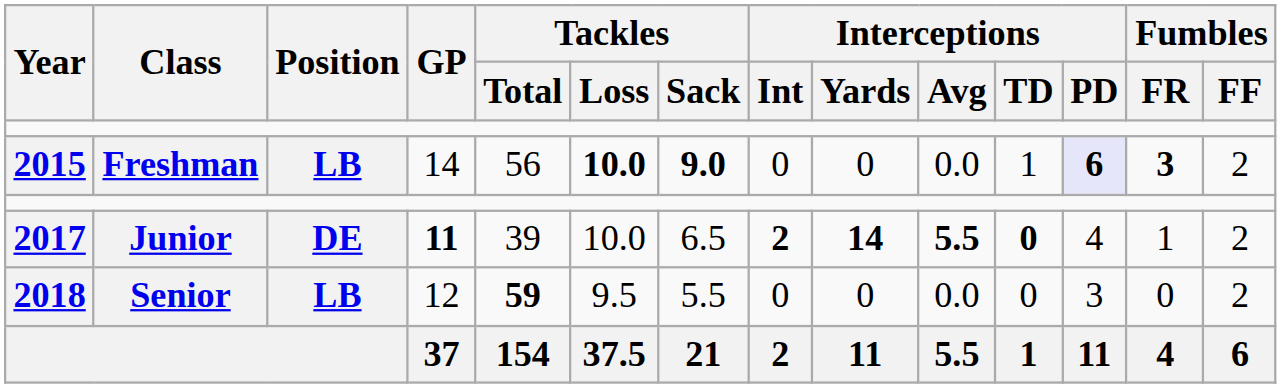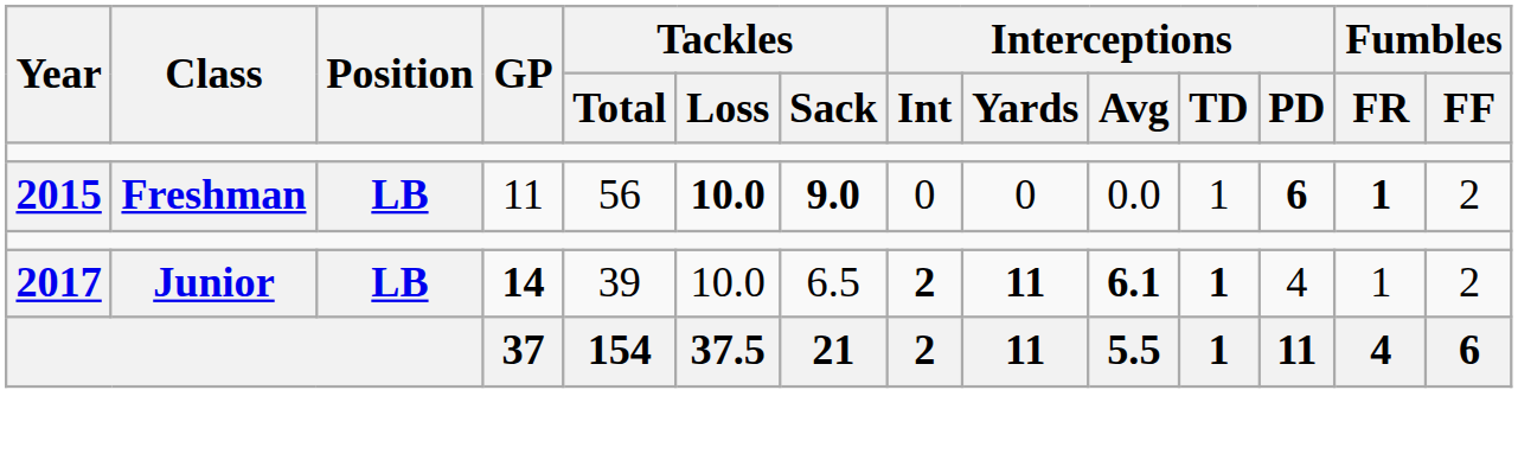 <table class="wikitable" style="text-align:center;">
 <tr align="center">
 <th rowspan="2">Year</th>
 <th rowspan="2">Class</th>
 <th rowspan="2">Position</th>
 <th rowspan="2">GP</th>
 <th colspan="3">Tackles</th>
 <th colspan="5">Interceptions</th>
 <th colspan="2">Fumbles</th>
 </tr>
 <tr>
 <th>Total</th>
 <th>Loss</th>
 <th>Sack</th>
 <th>Int</th>
 <th>Yards</th>
 <th>Avg</th>
 <th>TD</th>
 <th>PD</th>
 <th>FR</th>
 <th>FF</th>
 </tr>
 <tr>
 <td ! colspan="14"></td>
 </tr>
 <tr>
 <th><a href='#'>2015</a></th>
 <th><a href='#'>Freshman</a></th>
 <th><a href='#'>LB</a></th>
-<td>14</td>
+<td>11</td>
 <td>56</td>
 <td><strong>10.0</strong></td>
 <td><strong>9.0</strong></td>
 <td>0</td>
 <td>0</td>
 <td>0.0</td>
 <td>1</td>
-<td style="background: lavender;"><strong>6</strong></td>
-<td><strong>3</strong></td>
+<td><strong>6</strong></td>
+<td><strong>1</strong></td>
 <td>2</td>
 </tr>
 <tr>
 <td ! colspan="14"></td>
 </tr>
 <tr>
 <th><a href='#'>2017</a></th>
 <th><a href='#'>Junior</a></th>
-<th><a href='#'>DE</a></th>
-<td><strong>11</strong></td>
+<th><a href='#'>LB</a></th>
+<td><strong>14</strong></td>
 <td>39</td>
 <td>10.0</td>
 <td>6.5</td>
 <td><strong>2</strong></td>
-<td><strong>14</strong></td>
-<td><strong>5.5</strong></td>
-<td><strong>0</strong></td>
+<td><strong>11</strong></td>
+<td><strong>6.1</strong></td>
+<td><strong>1</strong></td>
 <td>4</td>
 <td>1</td>
-<td>2</td>
-</tr>
-<tr>
-<th><a href='#'>2018</a></th>
-<th><a href='#'>Senior</a></th>
-<th><a href='#'>LB</a></th>
-<td>12</td>
-<td><strong>59</strong></td>
-<td>9.5</td>
-<td>5.5</td>
-<td>0</td>
-<td>0</td>
-<td>0.0</td>
-<td>0</td>
-<td>3</td>
-<td>0</td>
 <td>2</td>
 </tr>
 <tr>
 <th colspan="3"></th>
 <th>37</th>
 <th>154</th>
 <th>37.5</th>
 <th>21</th>
 <th>2</th>
 <th>11</th>
 <th>5.5</th>
 <th>1</th>
 <th>11</th>
 <th>4</th>
 <th>6</th>
 </tr>
 </table>
